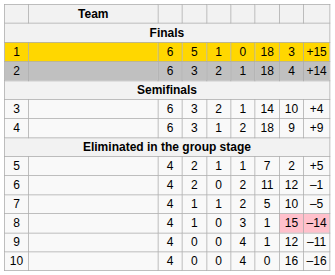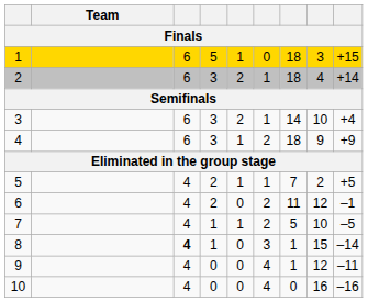 <table class="wikitable" style="text-align:center;">
 <tr>
 <th width="25"></th>
 <th width="165">Team</th>
 <th width="25"></th>
 <th width="25"></th>
 <th width="25"></th>
 <th width="25"></th>
 <th width="25"></th>
 <th width="25"></th>
 <th width="25"></th>
 </tr>
 <tr>
 <th colspan=10>Finals</th>
 </tr>
 <tr style="background:gold;">
 <td>1</td>
 <td align=left></td>
 <td>6</td>
 <td>5</td>
 <td>1</td>
 <td>0</td>
 <td>18</td>
 <td>3</td>
 <td>+15</td>
 </tr>
 <tr style="background:silver;">
 <td>2</td>
 <td align=left></td>
 <td>6</td>
 <td>3</td>
 <td>2</td>
 <td>1</td>
 <td>18</td>
 <td>4</td>
 <td>+14</td>
 </tr>
 <tr>
 <th colspan=10>Semifinals</th>
 </tr>
 <tr style="background:bronze;">
 <td>3</td>
 <td align=left></td>
 <td>6</td>
 <td>3</td>
 <td>2</td>
 <td>1</td>
 <td>14</td>
 <td>10</td>
 <td>+4</td>
 </tr>
 <tr style=>
 <td>4</td>
 <td align=left></td>
 <td>6</td>
 <td>3</td>
 <td>1</td>
 <td>2</td>
 <td>18</td>
 <td>9</td>
 <td>+9</td>
 </tr>
 <tr>
 <th colspan=10>Eliminated in the group stage</th>
 </tr>
 <tr>
 <td>5</td>
 <td align=left></td>
 <td>4</td>
 <td>2</td>
 <td>1</td>
 <td>1</td>
 <td>7</td>
 <td>2</td>
 <td>+5</td>
 </tr>
 <tr>
 <td>6</td>
 <td align=left></td>
 <td>4</td>
 <td>2</td>
 <td>0</td>
 <td>2</td>
 <td>11</td>
 <td>12</td>
 <td>–1</td>
 </tr>
 <tr>
 <td>7</td>
 <td align=left></td>
 <td>4</td>
 <td>1</td>
 <td>1</td>
 <td>2</td>
 <td>5</td>
 <td>10</td>
 <td>–5</td>
 </tr>
 <tr>
 <td>8</td>
 <td align=left></td>
-<td>4</td>
+<td><strong>4</strong></td>
 <td>1</td>
 <td>0</td>
 <td>3</td>
 <td>1</td>
-<td style="background: pink;">15</td>
-<td style="background: pink;">–14</td>
+<td>15</td>
+<td>–14</td>
 </tr>
 <tr>
 <td>9</td>
 <td align=left></td>
 <td>4</td>
 <td>0</td>
 <td>0</td>
 <td>4</td>
 <td>1</td>
 <td>12</td>
 <td>–11</td>
 </tr>
 <tr>
 <td>10</td>
 <td align=left></td>
 <td>4</td>
 <td>0</td>
 <td>0</td>
 <td>4</td>
 <td>0</td>
 <td>16</td>
 <td>–16</td>
 </tr>
 </table>
